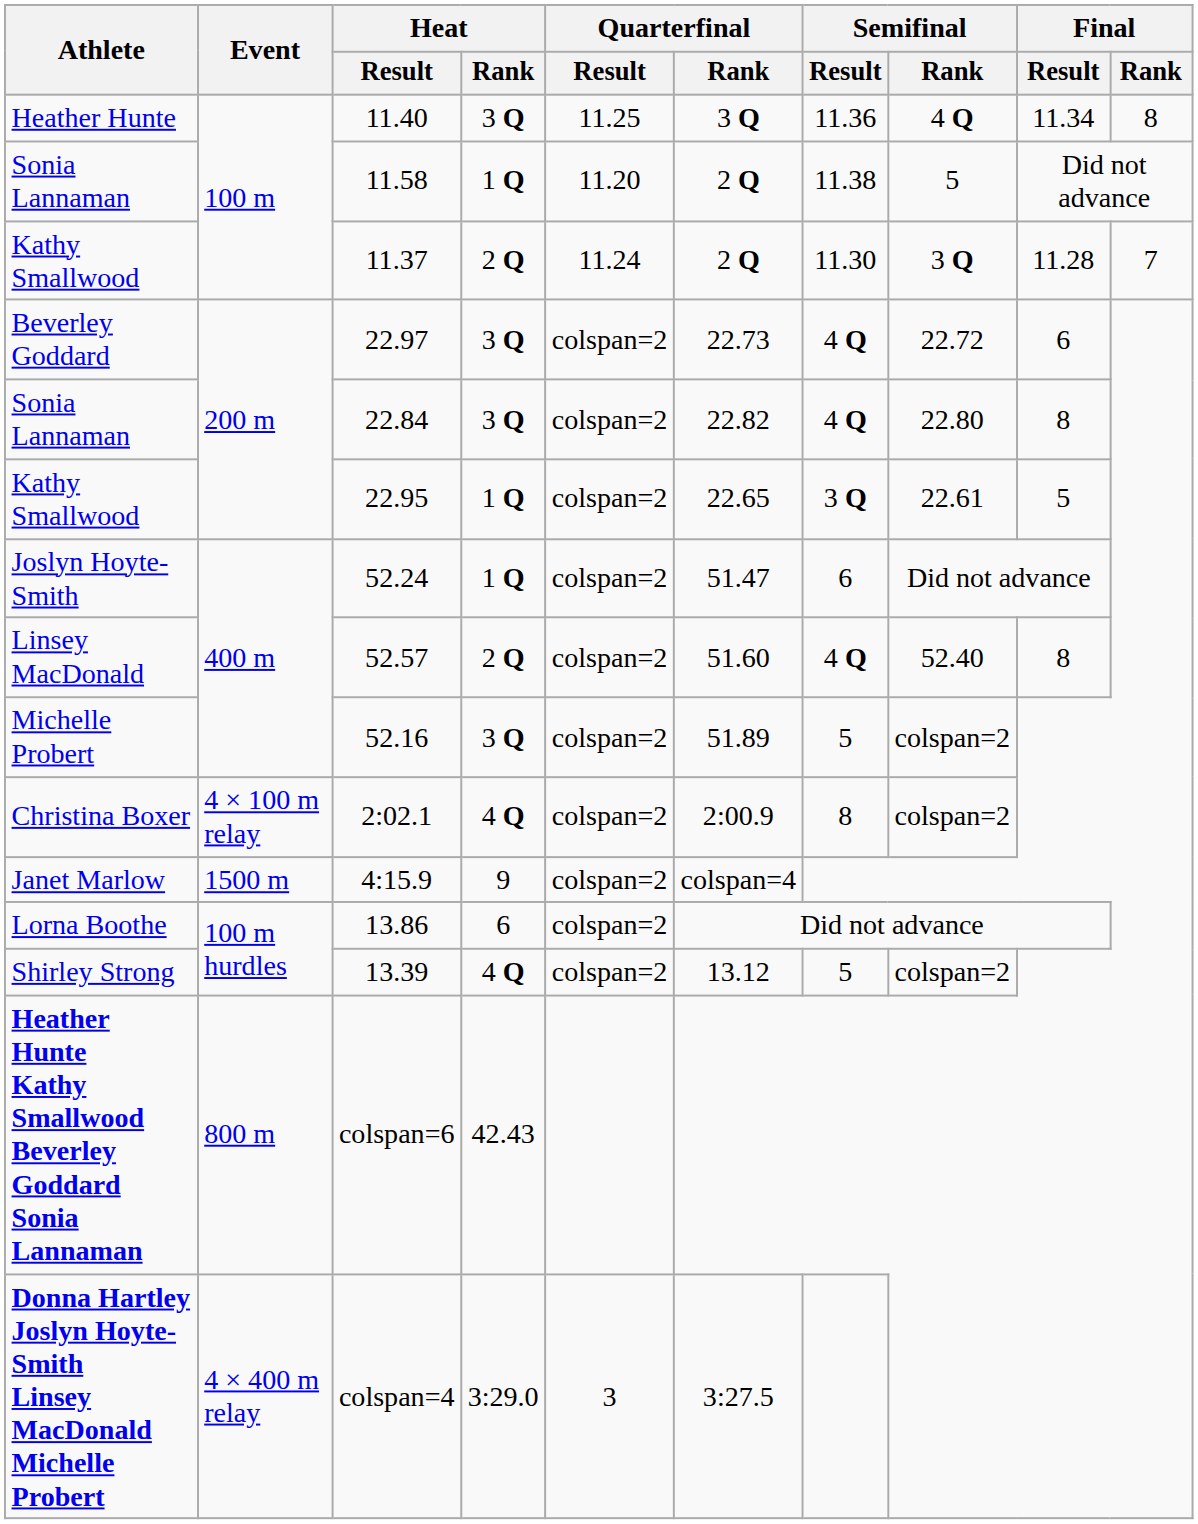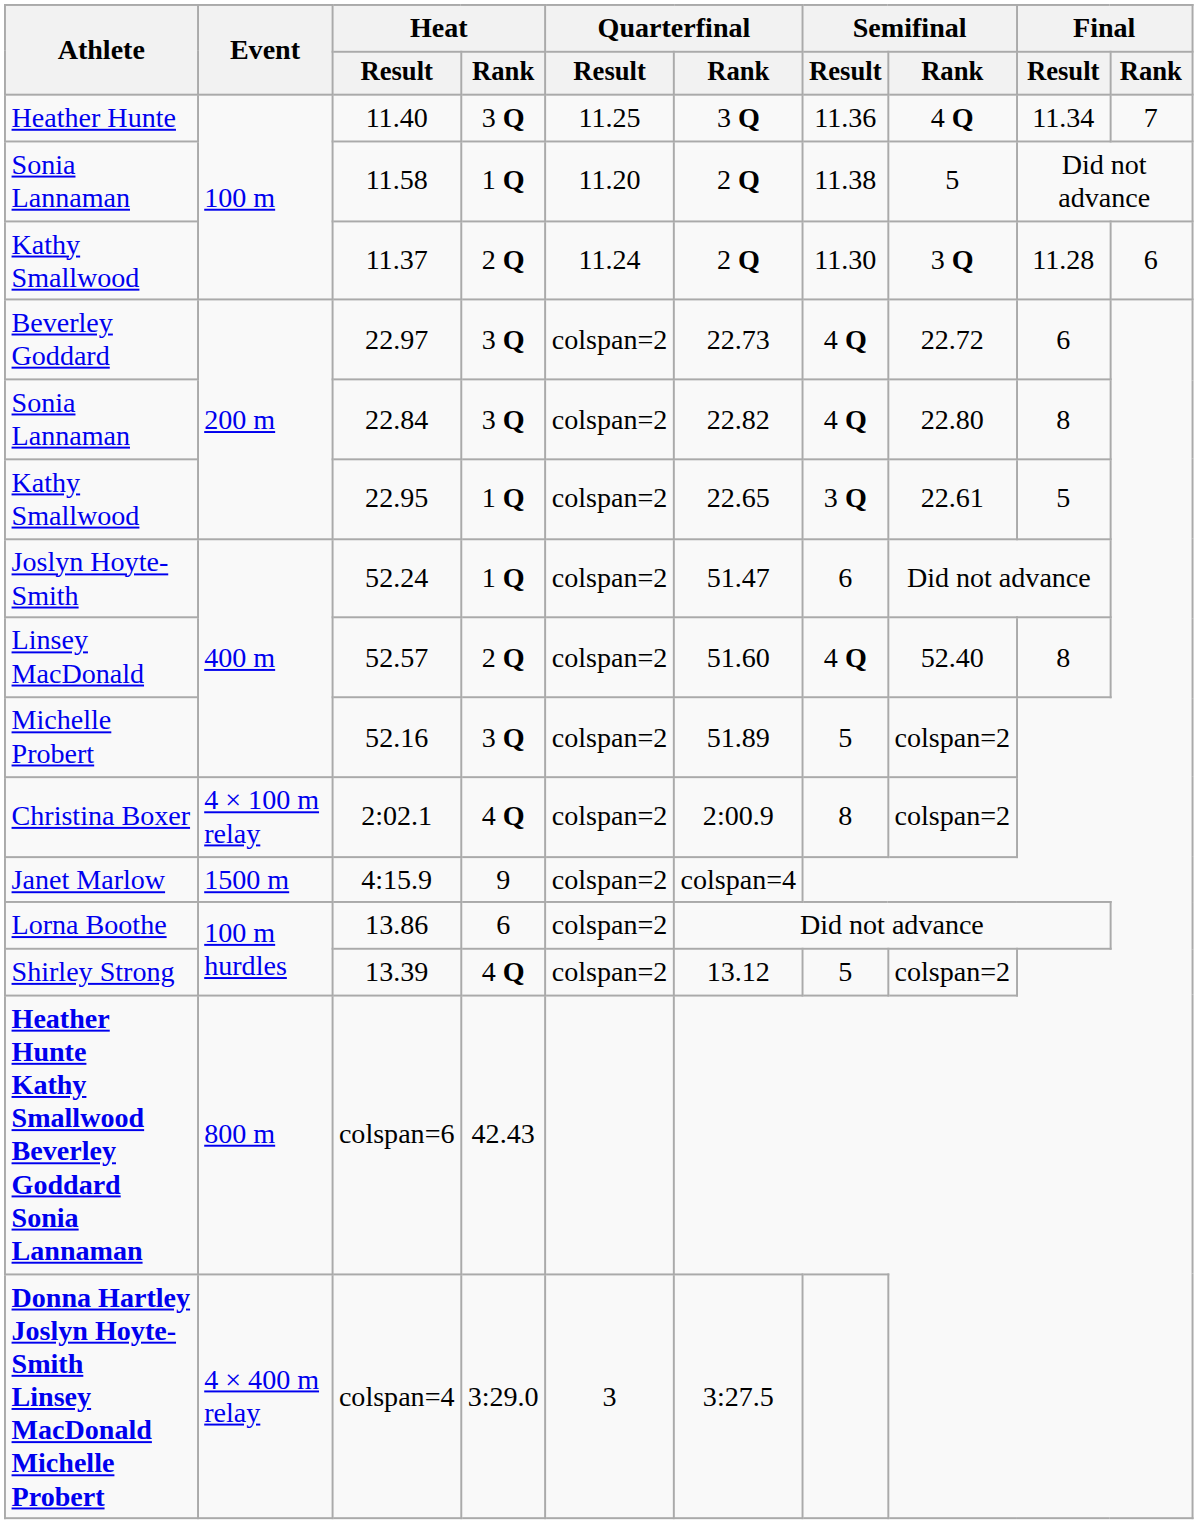 <table class=wikitable style="font-size:90%">
 <tr>
 <th rowspan="2">Athlete</th>
 <th rowspan="2">Event</th>
 <th colspan="2">Heat</th>
 <th colspan="2">Quarterfinal</th>
 <th colspan="2">Semifinal</th>
 <th colspan="2">Final</th>
 </tr>
 <tr style="font-size:95%">
 <th>Result</th>
 <th>Rank</th>
 <th>Result</th>
 <th>Rank</th>
 <th>Result</th>
 <th>Rank</th>
 <th>Result</th>
 <th>Rank</th>
 </tr>
 <tr align=center>
 <td align=left><a href='#'>Heather Hunte</a></td>
 <td align=left rowspan=3><a href='#'>100 m</a></td>
 <td>11.40</td>
 <td>3 <strong>Q</strong></td>
 <td>11.25</td>
 <td>3 <strong>Q</strong></td>
 <td>11.36</td>
 <td>4 <strong>Q</strong></td>
 <td>11.34</td>
-<td>8</td>
+<td>7</td>
 </tr>
 <tr align=center>
 <td align=left><a href='#'>Sonia Lannaman</a></td>
 <td>11.58</td>
 <td>1 <strong>Q</strong></td>
 <td>11.20</td>
 <td>2 <strong>Q</strong></td>
 <td>11.38</td>
 <td>5</td>
 <td colspan=2>Did not advance</td>
 </tr>
 <tr align=center>
 <td align=left><a href='#'>Kathy Smallwood</a></td>
 <td>11.37</td>
 <td>2 <strong>Q</strong></td>
 <td>11.24</td>
 <td>2 <strong>Q</strong></td>
 <td>11.30</td>
 <td>3 <strong>Q</strong></td>
 <td>11.28</td>
-<td>7</td>
+<td>6</td>
 </tr>
 <tr align=center>
 <td align=left><a href='#'>Beverley Goddard</a></td>
 <td align=left rowspan=3><a href='#'>200 m</a></td>
 <td>22.97</td>
 <td>3 <strong>Q</strong></td>
 <td>colspan=2</td>
 <td>22.73</td>
 <td>4 <strong>Q</strong></td>
 <td>22.72</td>
 <td>6</td>
 </tr>
 <tr align=center>
 <td align=left><a href='#'>Sonia Lannaman</a></td>
 <td>22.84</td>
 <td>3 <strong>Q</strong></td>
 <td>colspan=2</td>
 <td>22.82</td>
 <td>4 <strong>Q</strong></td>
 <td>22.80</td>
 <td>8</td>
 </tr>
 <tr align=center>
 <td align=left><a href='#'>Kathy Smallwood</a></td>
 <td>22.95</td>
 <td>1 <strong>Q</strong></td>
 <td>colspan=2</td>
 <td>22.65</td>
 <td>3 <strong>Q</strong></td>
 <td>22.61</td>
 <td>5</td>
 </tr>
 <tr align=center>
 <td align=left><a href='#'>Joslyn Hoyte-Smith</a></td>
 <td align=left rowspan=3><a href='#'>400 m</a></td>
 <td>52.24</td>
 <td>1 <strong>Q</strong></td>
 <td>colspan=2</td>
 <td>51.47</td>
 <td>6</td>
 <td colspan=2>Did not advance</td>
 </tr>
 <tr align=center>
 <td align=left><a href='#'>Linsey MacDonald</a></td>
 <td>52.57</td>
 <td>2 <strong>Q</strong></td>
 <td>colspan=2</td>
 <td>51.60</td>
 <td>4 <strong>Q</strong></td>
 <td>52.40</td>
 <td>8</td>
 </tr>
 <tr align=center>
 <td align=left><a href='#'>Michelle Probert</a></td>
 <td>52.16</td>
 <td>3 <strong>Q</strong></td>
 <td>colspan=2</td>
 <td>51.89</td>
 <td>5</td>
 <td>colspan=2</td>
 </tr>
 <tr align=center>
 <td align=left><a href='#'>Christina Boxer</a></td>
 <td align=left><a href='#'>4 × 100 m relay</a></td>
 <td>2:02.1</td>
 <td>4 <strong>Q</strong></td>
 <td>colspan=2 </td>
 <td>2:00.9</td>
 <td>8</td>
 <td>colspan=2</td>
 </tr>
 <tr align=center>
 <td align=left><a href='#'>Janet Marlow</a></td>
 <td align=left><a href='#'>1500 m</a></td>
 <td>4:15.9</td>
 <td>9</td>
 <td>colspan=2 </td>
 <td>colspan=4 </td>
 </tr>
 <tr align=center>
 <td align=left><a href='#'>Lorna Boothe</a></td>
 <td align=left rowspan=2><a href='#'>100 m hurdles</a></td>
 <td>13.86</td>
 <td>6</td>
 <td>colspan=2 </td>
 <td colspan=4>Did not advance</td>
 </tr>
 <tr align=center>
 <td align=left><a href='#'>Shirley Strong</a></td>
 <td>13.39</td>
 <td>4 <strong>Q</strong></td>
 <td>colspan=2 </td>
 <td>13.12</td>
 <td>5</td>
 <td>colspan=2 </td>
 </tr>
 <tr align=center>
 <td align=left><strong><a href='#'>Heather Hunte</a><br><a href='#'>Kathy Smallwood</a><br><a href='#'>Beverley Goddard</a><br><a href='#'>Sonia Lannaman</a></strong></td>
 <td align=left><a href='#'>800 m</a></td>
 <td>colspan=6 </td>
 <td>42.43</td>
 <td></td>
 </tr>
 <tr align=center>
 <td align=left><strong><a href='#'>Donna Hartley</a><br><a href='#'>Joslyn Hoyte-Smith</a><br><a href='#'>Linsey MacDonald</a><br><a href='#'>Michelle Probert</a></strong></td>
 <td align=left><a href='#'>4 × 400 m relay</a></td>
 <td>colspan=4 </td>
 <td>3:29.0</td>
 <td>3</td>
 <td>3:27.5</td>
 <td></td>
 </tr>
 </table>
